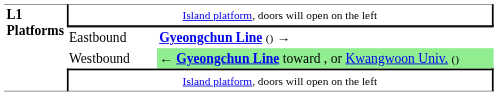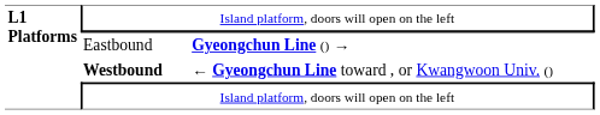 <table table border=0 cellspacing=0 cellpadding=3>
 <tr>
 <td style="border-top:solid 1px gray;border-bottom:solid 1px gray;" width=50 rowspan=10 valign=top><strong>L1<br>Platforms</strong></td>
 <td style="border-top:solid 1px gray;border-right:solid 2px black;border-left:solid 2px black;border-bottom:solid 2px black;text-align:center;" colspan=2><small><a href='#'>Island platform</a>, doors will open on the left</small></td>
 </tr>
 <tr>
 <td style="border-bottom:solid 0px gray;border-top:solid 1px gray;" width=100>Eastbound</td>
 <td style="border-bottom:solid 0px gray;border-top:solid 1px gray;" width=390> <a href='#'><span><strong>Gyeongchun Line</strong></span></a>  <small>()</small> →</td>
 </tr>
 <tr>
-<td>Westbound</td>
-<td style="background: lightgreen;">← <a href='#'><span><strong>Gyeongchun Line</strong></span></a> toward ,  or <a href='#'>Kwangwoon Univ.</a>  <small>()</small></td>
+<td><strong>Westbound</strong></td>
+<td>← <a href='#'><span><strong>Gyeongchun Line</strong></span></a> toward ,  or <a href='#'>Kwangwoon Univ.</a>  <small>()</small></td>
 </tr>
 <tr>
 <td style="border-top:solid 2px black;border-right:solid 2px black;border-left:solid 2px black;border-bottom:solid 1px gray;text-align:center;" colspan=2><small><a href='#'>Island platform</a>, doors will open on the left</small></td>
 </tr>
 </table>
